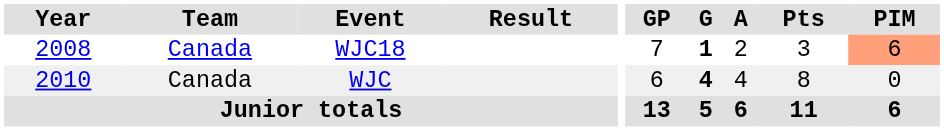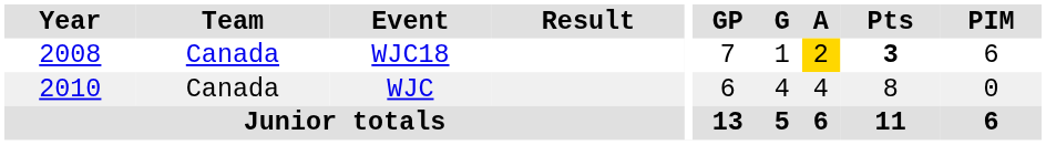 <table border="0" cellpadding="1" cellspacing="0" ID="Table3" style="text-align:center; width:40em">
 <tr ALIGN="center" bgcolor="#e0e0e0">
 <th>Year</th>
 <th>Team</th>
 <th>Event</th>
 <th>Result</th>
 <th rowspan="99" bgcolor="#ffffff"></th>
 <th>GP</th>
 <th>G</th>
 <th>A</th>
 <th>Pts</th>
 <th>PIM</th>
 </tr>
 <tr>
 <td><a href='#'>2008</a></td>
 <td><a href='#'>Canada</a></td>
 <td><a href='#'>WJC18</a></td>
 <td></td>
 <td>7</td>
-<td><strong>1</strong></td>
-<td>2</td>
-<td>3</td>
-<td style="background: lightsalmon;">6</td>
+<td>1</td>
+<td style="background: gold;">2</td>
+<td><strong>3</strong></td>
+<td>6</td>
 </tr>
 <tr ALIGN="center" style="background:#f0f0f0;">
 <td><a href='#'>2010</a></td>
 <td>Canada</td>
 <td><a href='#'>WJC</a></td>
 <td></td>
 <td>6</td>
-<td><strong>4</strong></td>
+<td>4</td>
 <td>4</td>
 <td>8</td>
 <td>0</td>
 </tr>
 <tr bgcolor="#e0e0e0">
 <th colspan=4>Junior totals</th>
 <th>13</th>
 <th>5</th>
 <th>6</th>
 <th>11</th>
 <th>6</th>
 </tr>
 </table>
